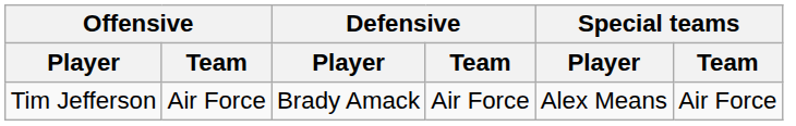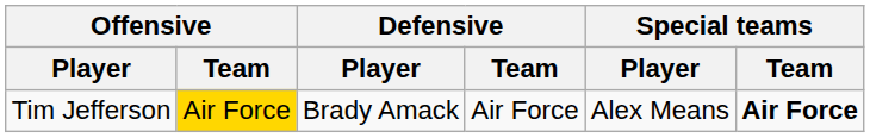 <table class="wikitable">
 <tr>
 <th colspan="2">Offensive</th>
 <th colspan="2">Defensive</th>
 <th colspan="2">Special teams</th>
 </tr>
 <tr>
 <th>Player</th>
 <th>Team</th>
 <th>Player</th>
 <th>Team</th>
 <th>Player</th>
 <th>Team</th>
 </tr>
 <tr>
 <td>Tim Jefferson</td>
-<td>Air Force</td>
+<td style="background: gold;">Air Force</td>
 <td>Brady Amack</td>
 <td>Air Force</td>
 <td>Alex Means</td>
-<td>Air Force</td>
+<td><strong>Air Force</strong></td>
 </tr>
 </table>
